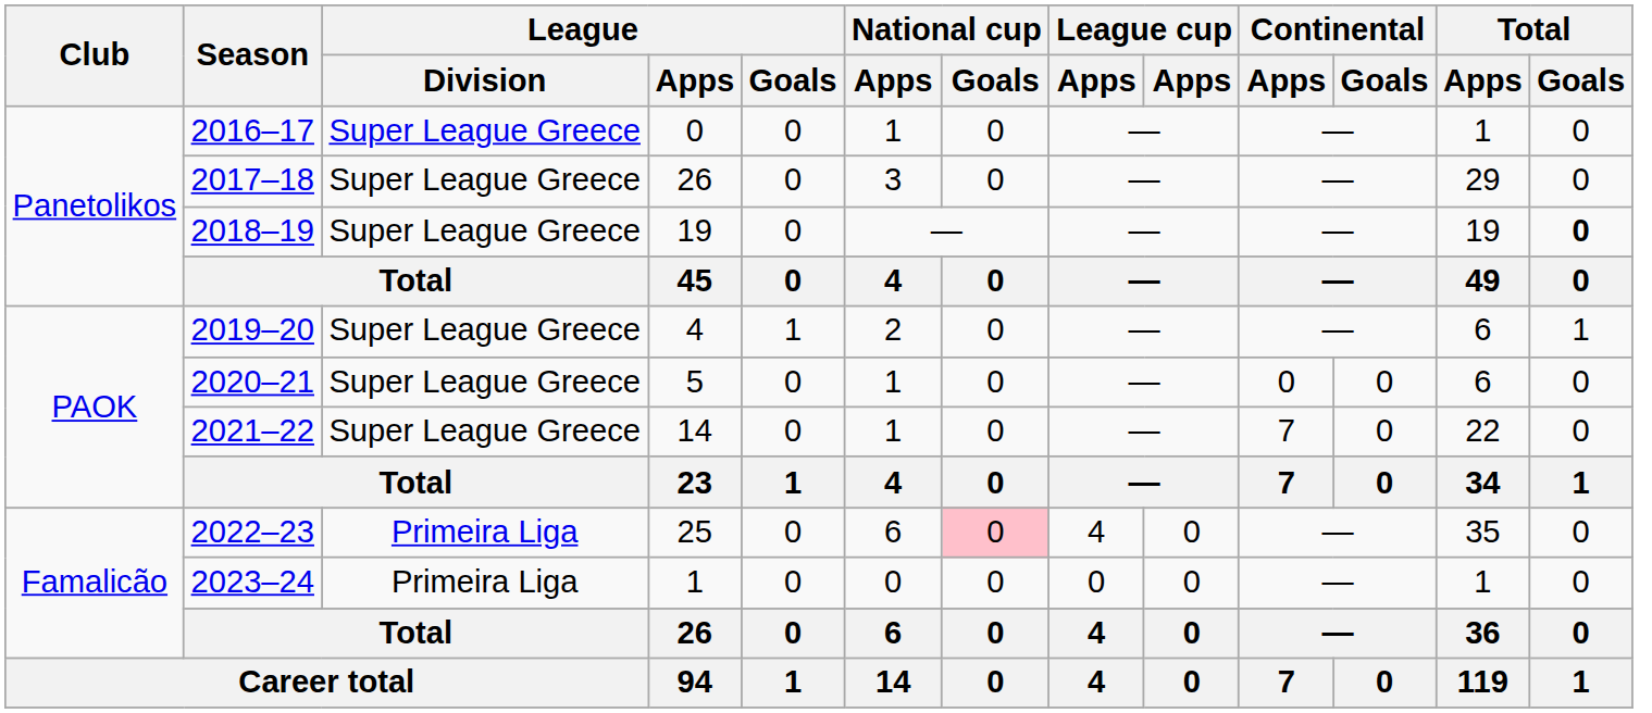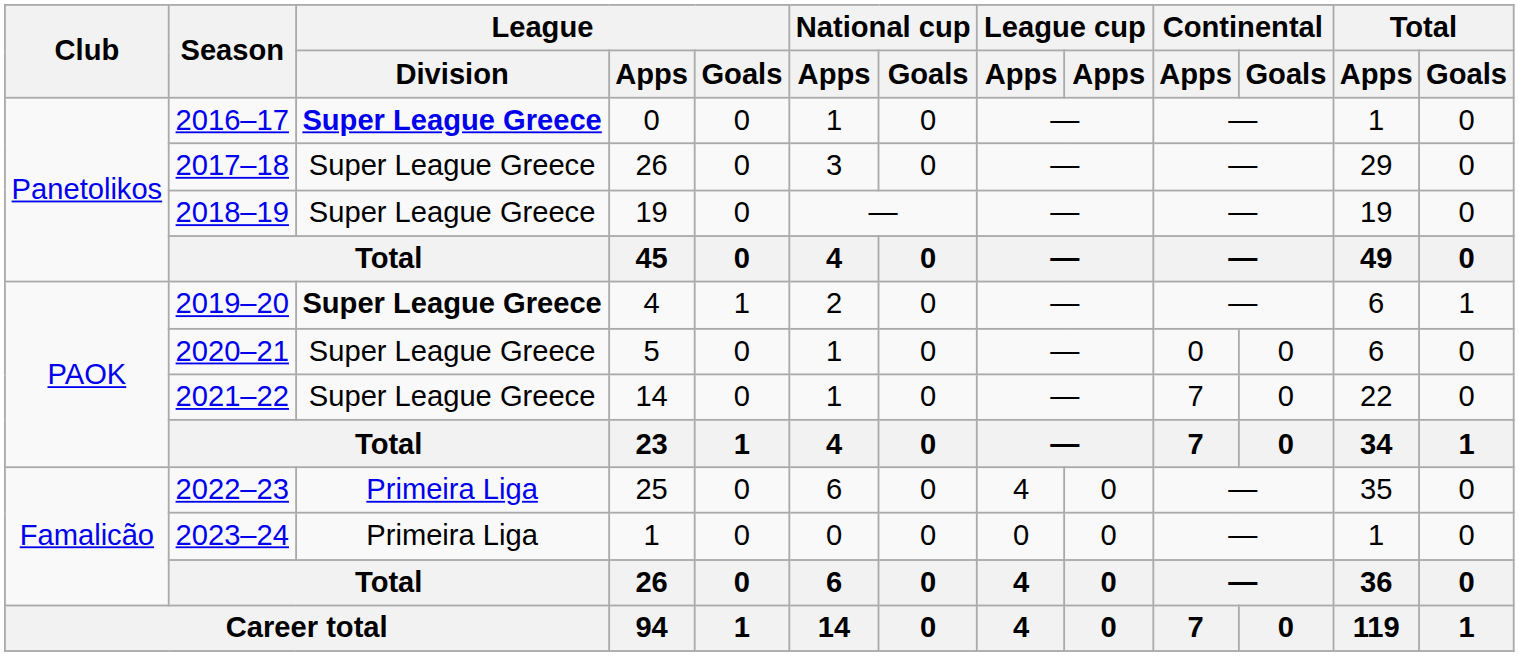 <table class="wikitable" style="text-align:center">
 <tr>
 <th rowspan="2">Club</th>
 <th rowspan="2">Season</th>
 <th colspan="3">League</th>
 <th colspan="2">National cup</th>
 <th colspan="2">League cup</th>
 <th colspan="2">Continental</th>
 <th colspan="2">Total</th>
 </tr>
 <tr>
 <th>Division</th>
 <th>Apps</th>
 <th>Goals</th>
 <th>Apps</th>
 <th>Goals</th>
 <th>Apps</th>
 <th>Apps</th>
 <th>Apps</th>
 <th>Goals</th>
 <th>Apps</th>
 <th>Goals</th>
 </tr>
 <tr>
 <td rowspan="4"><a href='#'>Panetolikos</a></td>
 <td><a href='#'>2016–17</a></td>
-<td><a href='#'>Super League Greece</a></td>
+<td><strong><a href='#'>Super League Greece</a></strong></td>
 <td>0</td>
 <td>0</td>
 <td>1</td>
 <td>0</td>
 <td colspan="2">—</td>
 <td colspan="2">—</td>
 <td>1</td>
 <td>0</td>
 </tr>
 <tr>
 <td><a href='#'>2017–18</a></td>
 <td>Super League Greece</td>
 <td>26</td>
 <td>0</td>
 <td>3</td>
 <td>0</td>
 <td colspan="2">—</td>
 <td colspan="2">—</td>
 <td>29</td>
 <td>0</td>
 </tr>
 <tr>
 <td><a href='#'>2018–19</a></td>
 <td>Super League Greece</td>
 <td>19</td>
 <td>0</td>
 <td colspan="2">—</td>
 <td colspan="2">—</td>
 <td colspan="2">—</td>
 <td>19</td>
-<td><strong>0</strong></td>
+<td>0</td>
 </tr>
 <tr>
 <th colspan="2">Total</th>
 <th>45</th>
 <th>0</th>
 <th>4</th>
 <th>0</th>
 <th colspan="2">—</th>
 <th colspan="2">—</th>
 <th>49</th>
 <th>0</th>
 </tr>
 <tr>
 <td rowspan="4"><a href='#'>PAOK</a></td>
 <td><a href='#'>2019–20</a></td>
-<td>Super League Greece</td>
+<td><strong>Super League Greece</strong></td>
 <td>4</td>
 <td>1</td>
 <td>2</td>
 <td>0</td>
 <td colspan="2">—</td>
 <td colspan="2">—</td>
 <td>6</td>
 <td>1</td>
 </tr>
 <tr>
 <td><a href='#'>2020–21</a></td>
 <td>Super League Greece</td>
 <td>5</td>
 <td>0</td>
 <td>1</td>
 <td>0</td>
 <td colspan="2">—</td>
 <td>0</td>
 <td>0</td>
 <td>6</td>
 <td>0</td>
 </tr>
 <tr>
 <td><a href='#'>2021–22</a></td>
 <td>Super League Greece</td>
 <td>14</td>
 <td>0</td>
 <td>1</td>
 <td>0</td>
 <td colspan="2">—</td>
 <td>7</td>
 <td>0</td>
 <td>22</td>
 <td>0</td>
 </tr>
 <tr>
 <th colspan="2">Total</th>
 <th>23</th>
 <th>1</th>
 <th>4</th>
 <th>0</th>
 <th colspan="2">—</th>
 <th>7</th>
 <th>0</th>
 <th>34</th>
 <th>1</th>
 </tr>
 <tr>
 <td rowspan="3"><a href='#'>Famalicão</a></td>
 <td><a href='#'>2022–23</a></td>
 <td><a href='#'>Primeira Liga</a></td>
 <td>25</td>
 <td>0</td>
 <td>6</td>
-<td style="background: pink;">0</td>
+<td>0</td>
 <td>4</td>
 <td>0</td>
 <td colspan="2">—</td>
 <td>35</td>
 <td>0</td>
 </tr>
 <tr>
 <td><a href='#'>2023–24</a></td>
 <td>Primeira Liga</td>
 <td>1</td>
 <td>0</td>
 <td>0</td>
 <td>0</td>
 <td>0</td>
 <td>0</td>
 <td colspan="2">—</td>
 <td>1</td>
 <td>0</td>
 </tr>
 <tr>
 <th colspan="2">Total</th>
 <th>26</th>
 <th>0</th>
 <th>6</th>
 <th>0</th>
 <th>4</th>
 <th>0</th>
 <th colspan="2">—</th>
 <th>36</th>
 <th>0</th>
 </tr>
 <tr>
 <th colspan="3">Career total</th>
 <th>94</th>
 <th>1</th>
 <th>14</th>
 <th>0</th>
 <th>4</th>
 <th>0</th>
 <th>7</th>
 <th>0</th>
 <th>119</th>
 <th>1</th>
 </tr>
 </table>
